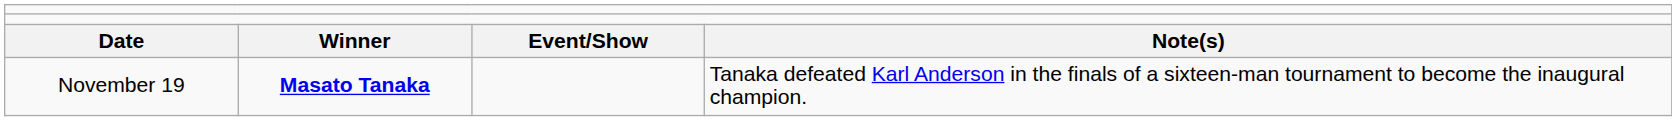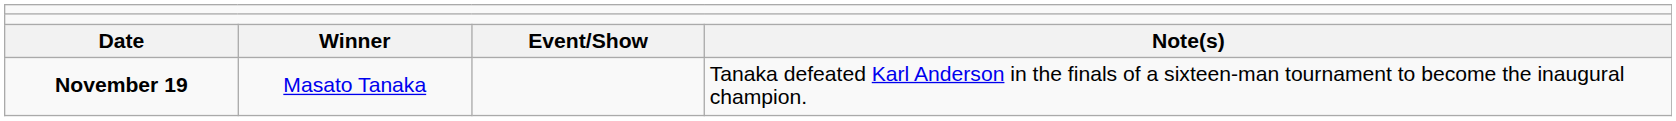 <table class="wikitable" style="text-align:center; width:100%;">
 <tr>
 <td colspan="5"></td>
 </tr>
 <tr>
 <td colspan="5"><strong></strong></td>
 </tr>
 <tr>
 <th width=14%>Date</th>
 <th width=14%>Winner</th>
 <th width=14%>Event/Show</th>
 <th width=58%>Note(s)</th>
 </tr>
 <tr>
-<td>November 19</td>
-<td><strong><a href='#'>Masato Tanaka</a></strong></td>
+<td><strong>November 19</strong></td>
+<td><a href='#'>Masato Tanaka</a></td>
 <td></td>
 <td align=left>Tanaka defeated <a href='#'>Karl Anderson</a> in the finals of a sixteen-man tournament to become the inaugural champion.</td>
 </tr>
 </table>
